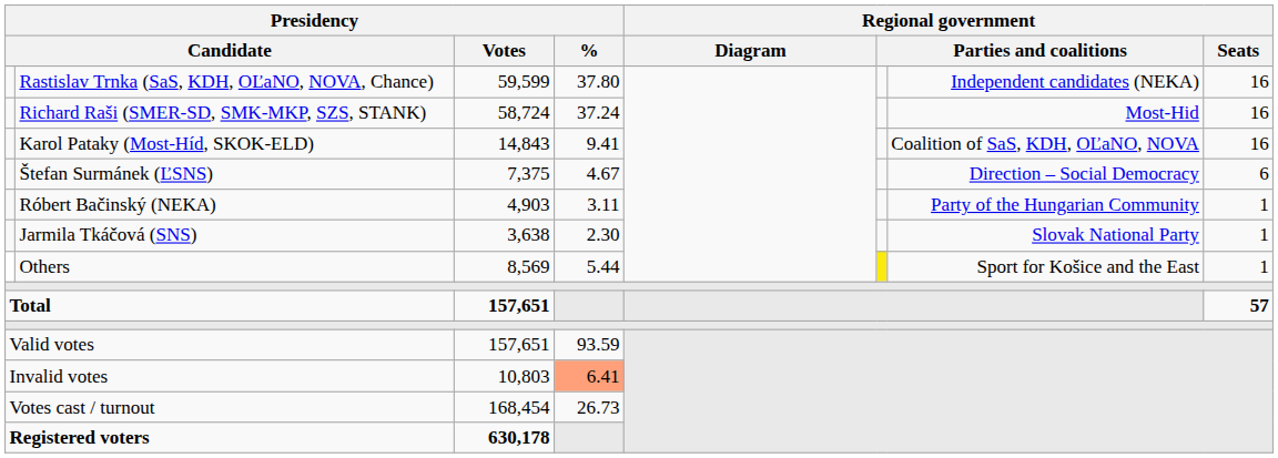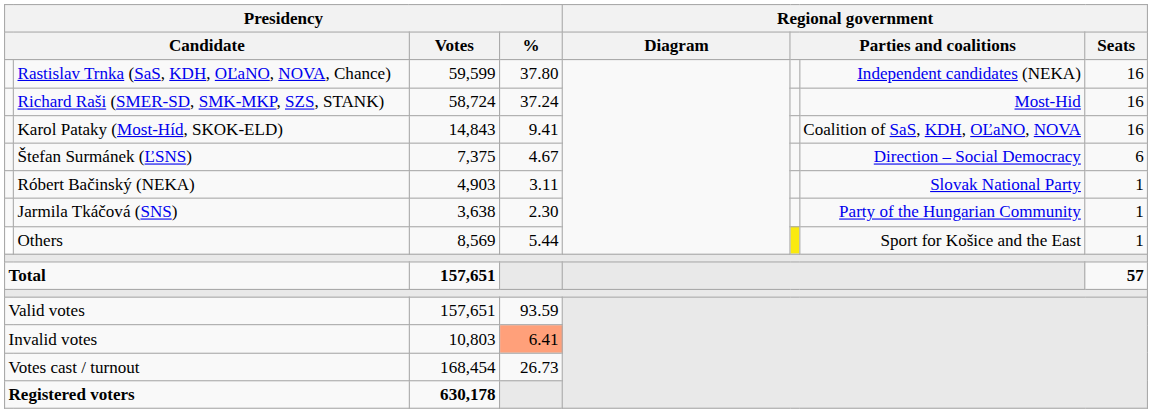 <table class="wikitable" style="text-align:right; font-size:97%;">
 <tr>
 <th colspan="4" width="500">Presidency</th>
 <th colspan="4" width="500">Regional government</th>
 </tr>
 <tr>
 <th colspan="2" width="325">Candidate</th>
 <th width="75">Votes</th>
 <th width="50">%</th>
 <th width="200">Diagram</th>
 <th colspan="2" width="250">Parties and coalitions</th>
 <th width="50">Seats</th>
 </tr>
 <tr>
 <td width="1" style="color:inherit;background:"></td>
 <td align="left"><a href='#'>Rastislav Trnka</a> (<a href='#'>SaS</a>, <a href='#'>KDH</a>, <a href='#'>OĽaNO</a>, <a href='#'>NOVA</a>, Chance)</td>
 <td>59,599</td>
 <td>37.80</td>
 <td rowspan="7"></td>
 <td width="1" style="color:inherit;background:"></td>
 <td><a href='#'>Independent candidates</a> (NEKA)</td>
 <td>16</td>
 </tr>
 <tr>
 <td width="1" style="color:inherit;background:"></td>
 <td align="left"><a href='#'>Richard Raši</a> (<a href='#'>SMER-SD</a>, <a href='#'>SMK-MKP</a>, <a href='#'>SZS</a>, STANK)</td>
 <td>58,724</td>
 <td>37.24</td>
 <td width="1" style="color:inherit;background:"></td>
 <td><a href='#'>Most-Hid</a></td>
 <td>16</td>
 </tr>
 <tr>
 <td width="1" style="color:inherit;background:"></td>
 <td align="left">Karol Pataky (<a href='#'>Most-Híd</a>, SKOK-ELD)</td>
 <td>14,843</td>
 <td>9.41</td>
 <td width="1" style="color:inherit;background:"></td>
 <td>Coalition of <a href='#'>SaS</a>, <a href='#'>KDH</a>, <a href='#'>OĽaNO</a>, <a href='#'>NOVA</a></td>
 <td>16</td>
 </tr>
 <tr>
 <td width="1" style="color:inherit;background:"></td>
 <td align="left">Štefan Surmánek (<a href='#'>ĽSNS</a>)</td>
 <td>7,375</td>
 <td>4.67</td>
 <td width="1" style="color:inherit;background:"></td>
 <td><a href='#'>Direction – Social Democracy</a></td>
 <td>6</td>
 </tr>
 <tr>
 <td width="1" style="color:inherit;background:"></td>
 <td align="left">Róbert Bačinský (NEKA)</td>
 <td>4,903</td>
 <td>3.11</td>
 <td width="1" style="color:inherit;background:"></td>
-<td><a href='#'>Party of the Hungarian Community</a></td>
+<td><a href='#'>Slovak National Party</a></td>
 <td>1</td>
 </tr>
 <tr>
 <td width="1" style="color:inherit;background:"></td>
 <td align="left">Jarmila Tkáčová (<a href='#'>SNS</a>)</td>
 <td>3,638</td>
 <td>2.30</td>
 <td width="1" style="color:inherit;background:"></td>
-<td><a href='#'>Slovak National Party</a></td>
+<td><a href='#'>Party of the Hungarian Community</a></td>
 <td>1</td>
 </tr>
 <tr>
 <td width="1" bgcolor="white"></td>
 <td align="left">Others</td>
 <td>8,569</td>
 <td>5.44</td>
 <td width="1" style="color:inherit;background:#FAEA0F"></td>
 <td>Sport for Košice and the East</td>
 <td>1</td>
 </tr>
 <tr>
 <td colspan="8" bgcolor="#E9E9E9"></td>
 </tr>
 <tr>
 <td align="left" colspan="2"><strong>Total</strong></td>
 <td><strong>157,651</strong></td>
 <td style="color:inherit;background:#E9E9E9"></td>
 <td colspan="3" bgcolor="#E9E9E9"></td>
 <td><strong>57</strong></td>
 </tr>
 <tr>
 <td colspan="8" bgcolor="#E9E9E9"></td>
 </tr>
 <tr>
 <td align="left" colspan="2">Valid votes</td>
 <td>157,651</td>
 <td>93.59</td>
 <td bgcolor="#E9E9E9" rowspan="4" colspan="4"></td>
 </tr>
 <tr>
 <td align="left" colspan="2">Invalid votes</td>
 <td>10,803</td>
 <td style="background: lightsalmon;">6.41</td>
 </tr>
 <tr>
 <td align="left" colspan="2">Votes cast / turnout</td>
 <td>168,454</td>
 <td>26.73</td>
 </tr>
 <tr style="font-weight:bold;">
 <td align="left" colspan="2">Registered voters</td>
 <td>630,178</td>
 <td bgcolor="#E9E9E9"></td>
 </tr>
 </table>
